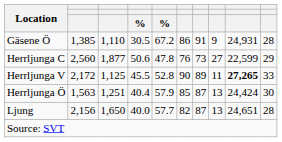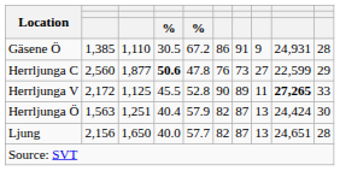 <table role="presentation" class="wikitable sortable mw-collapsible">
 <tr>
 <th rowspan="3">Location</th>
 <th></th>
 <th></th>
 <th></th>
 <th></th>
 <th></th>
 <th></th>
 <th></th>
 <th></th>
 <th></th>
 </tr>
 <tr>
 <th></th>
 <th></th>
 <th style="background:"></th>
 <th style="background:"></th>
 <th></th>
 <th></th>
 <th></th>
 <th></th>
 <th></th>
 </tr>
 <tr>
 <th data-sort-type="number"></th>
 <th data-sort-type="number"></th>
 <th data-sort-type="number">%</th>
 <th data-sort-type="number">%</th>
 <th data-sort-type="number"></th>
 <th data-sort-type="number"></th>
 <th data-sort-type="number"></th>
 <th data-sort-type="number"></th>
 <th data-sort-type="number"></th>
 </tr>
 <tr>
 <td align="left">Gäsene Ö</td>
 <td>1,385</td>
 <td>1,110</td>
 <td>30.5</td>
 <td>67.2</td>
 <td>86</td>
 <td>91</td>
 <td>9</td>
 <td>24,931</td>
 <td>28</td>
 </tr>
 <tr>
 <td align="left">Herrljunga C</td>
 <td>2,560</td>
 <td>1,877</td>
-<td>50.6</td>
+<td><strong>50.6</strong></td>
 <td>47.8</td>
 <td>76</td>
 <td>73</td>
 <td>27</td>
 <td>22,599</td>
 <td>29</td>
 </tr>
 <tr>
 <td align="left">Herrljunga V</td>
 <td>2,172</td>
 <td>1,125</td>
 <td>45.5</td>
 <td>52.8</td>
 <td>90</td>
 <td>89</td>
 <td>11</td>
 <td><strong>27,265</strong></td>
 <td>33</td>
 </tr>
 <tr>
 <td align="left">Herrljunga Ö</td>
 <td>1,563</td>
 <td>1,251</td>
 <td>40.4</td>
 <td>57.9</td>
-<td>85</td>
+<td>82</td>
 <td>87</td>
 <td>13</td>
 <td>24,424</td>
 <td>30</td>
 </tr>
 <tr>
 <td align="left">Ljung</td>
 <td>2,156</td>
 <td>1,650</td>
 <td>40.0</td>
 <td>57.7</td>
 <td>82</td>
 <td>87</td>
 <td>13</td>
 <td>24,651</td>
 <td>28</td>
 </tr>
 <tr>
 <td colspan="10" align="left">Source: <a href='#'>SVT</a></td>
 </tr>
 </table>
